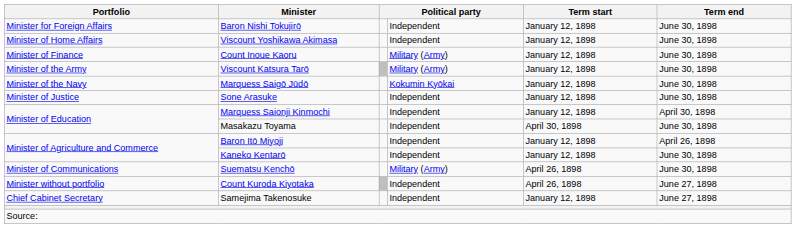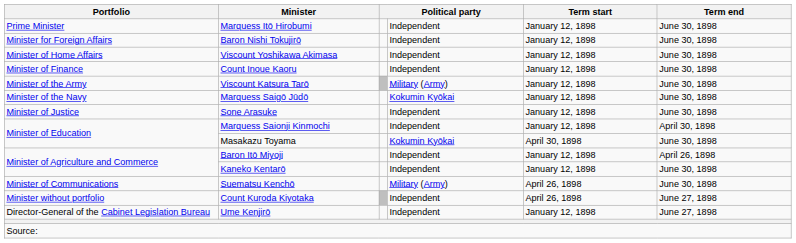 <table class="wikitable unsortable" style="font-size: 90%;">
 <tr>
 <th width="20%" scope="col">Portfolio</th>
 <th width="15%" scope="col">Minister</th>
 <th colspan="2" width="13.5%" scope="col">Political party</th>
 <th width="12.5%" scope="col">Term start</th>
 <th width="12.5%" scope="col">Term end</th>
+</tr>
+<tr>
+<td style="text-align: left;"><a href='#'>Prime Minister</a></td>
+<td><a href='#'>Marquess Itō Hirobumi</a></td>
+<td style="color:inherit;background:"></td>
+<td>Independent</td>
+<td>January 12, 1898</td>
+<td>June 30, 1898</td>
 </tr>
 <tr>
 <td><a href='#'>Minister for Foreign Affairs</a></td>
 <td><a href='#'>Baron Nishi Tokujirō</a></td>
 <td style="color:inherit;background:"></td>
 <td>Independent</td>
 <td>January 12, 1898</td>
 <td>June 30, 1898</td>
 </tr>
 <tr>
 <td><a href='#'>Minister of Home Affairs</a></td>
 <td><a href='#'>Viscount Yoshikawa Akimasa</a></td>
 <td style="color:inherit;background:"></td>
 <td>Independent</td>
 <td>January 12, 1898</td>
 <td>June 30, 1898</td>
 </tr>
 <tr>
 <td><a href='#'>Minister of Finance</a></td>
 <td><a href='#'>Count Inoue Kaoru</a></td>
 <td style="color:inherit;background:"></td>
-<td><a href='#'>Military</a> (<a href='#'>Army</a>)</td>
+<td>Independent</td>
 <td>January 12, 1898</td>
 <td>June 30, 1898</td>
 </tr>
 <tr>
 <td><a href='#'>Minister of the Army</a></td>
 <td><a href='#'>Viscount Katsura Tarō</a></td>
 <td style="color:inherit;background:#bfbfbf"></td>
 <td><a href='#'>Military</a> (<a href='#'>Army</a>)</td>
 <td>January 12, 1898</td>
 <td>June 30, 1898</td>
 </tr>
 <tr>
 <td><a href='#'>Minister of the Navy</a></td>
 <td><a href='#'>Marquess Saigō Jūdō</a></td>
 <td style="color:inherit;background:"></td>
 <td><a href='#'>Kokumin Kyōkai</a></td>
 <td>January 12, 1898</td>
 <td>June 30, 1898</td>
 </tr>
 <tr>
 <td><a href='#'>Minister of Justice</a></td>
 <td><a href='#'>Sone Arasuke</a></td>
 <td style="color:inherit;background:"></td>
 <td>Independent</td>
 <td>January 12, 1898</td>
 <td>June 30, 1898</td>
 </tr>
 <tr>
 <td rowspan="2"><a href='#'>Minister of Education</a></td>
 <td><a href='#'>Marquess Saionji Kinmochi</a></td>
 <td style="color:inherit;background:"></td>
 <td>Independent</td>
 <td>January 12, 1898</td>
 <td>April 30, 1898</td>
 </tr>
 <tr>
 <td>Masakazu Toyama</td>
 <td style="color:inherit;background:"></td>
-<td>Independent</td>
+<td><a href='#'>Kokumin Kyōkai</a></td>
 <td>April 30, 1898</td>
 <td>June 30, 1898</td>
 </tr>
 <tr>
 <td rowspan="2"><a href='#'>Minister of Agriculture and Commerce</a></td>
 <td><a href='#'>Baron Itō Miyoji</a></td>
 <td style="color:inherit;background:"></td>
 <td>Independent</td>
 <td>January 12, 1898</td>
 <td>April 26, 1898</td>
 </tr>
 <tr>
 <td><a href='#'>Kaneko Kentarō</a></td>
 <td style="color:inherit;background:"></td>
 <td>Independent</td>
 <td>January 12, 1898</td>
 <td>June 30, 1898</td>
 </tr>
 <tr>
 <td><a href='#'>Minister of Communications</a></td>
 <td><a href='#'>Suematsu Kenchō</a></td>
 <td style="color:inherit;background:"></td>
 <td><a href='#'>Military</a> (<a href='#'>Army</a>)</td>
 <td>April 26, 1898</td>
 <td>June 30, 1898</td>
 </tr>
 <tr>
 <td><a href='#'>Minister without portfolio</a></td>
 <td><a href='#'>Count Kuroda Kiyotaka</a></td>
 <td style="color:inherit;background:#bfbfbf"></td>
 <td>Independent</td>
 <td>April 26, 1898</td>
 <td>June 27, 1898</td>
 </tr>
 <tr>
-<td><a href='#'>Chief Cabinet Secretary</a></td>
-<td>Samejima Takenosuke</td>
+<td>Director-General of the <a href='#'>Cabinet Legislation Bureau</a></td>
+<td><a href='#'>Ume Kenjirō</a></td>
 <td style="color:inherit;background:"></td>
 <td>Independent</td>
 <td>January 12, 1898</td>
 <td>June 27, 1898</td>
 </tr>
 <tr>
 <th colspan="6"></th>
 </tr>
 <tr>
 <td colspan="6">Source:</td>
 </tr>
 </table>
